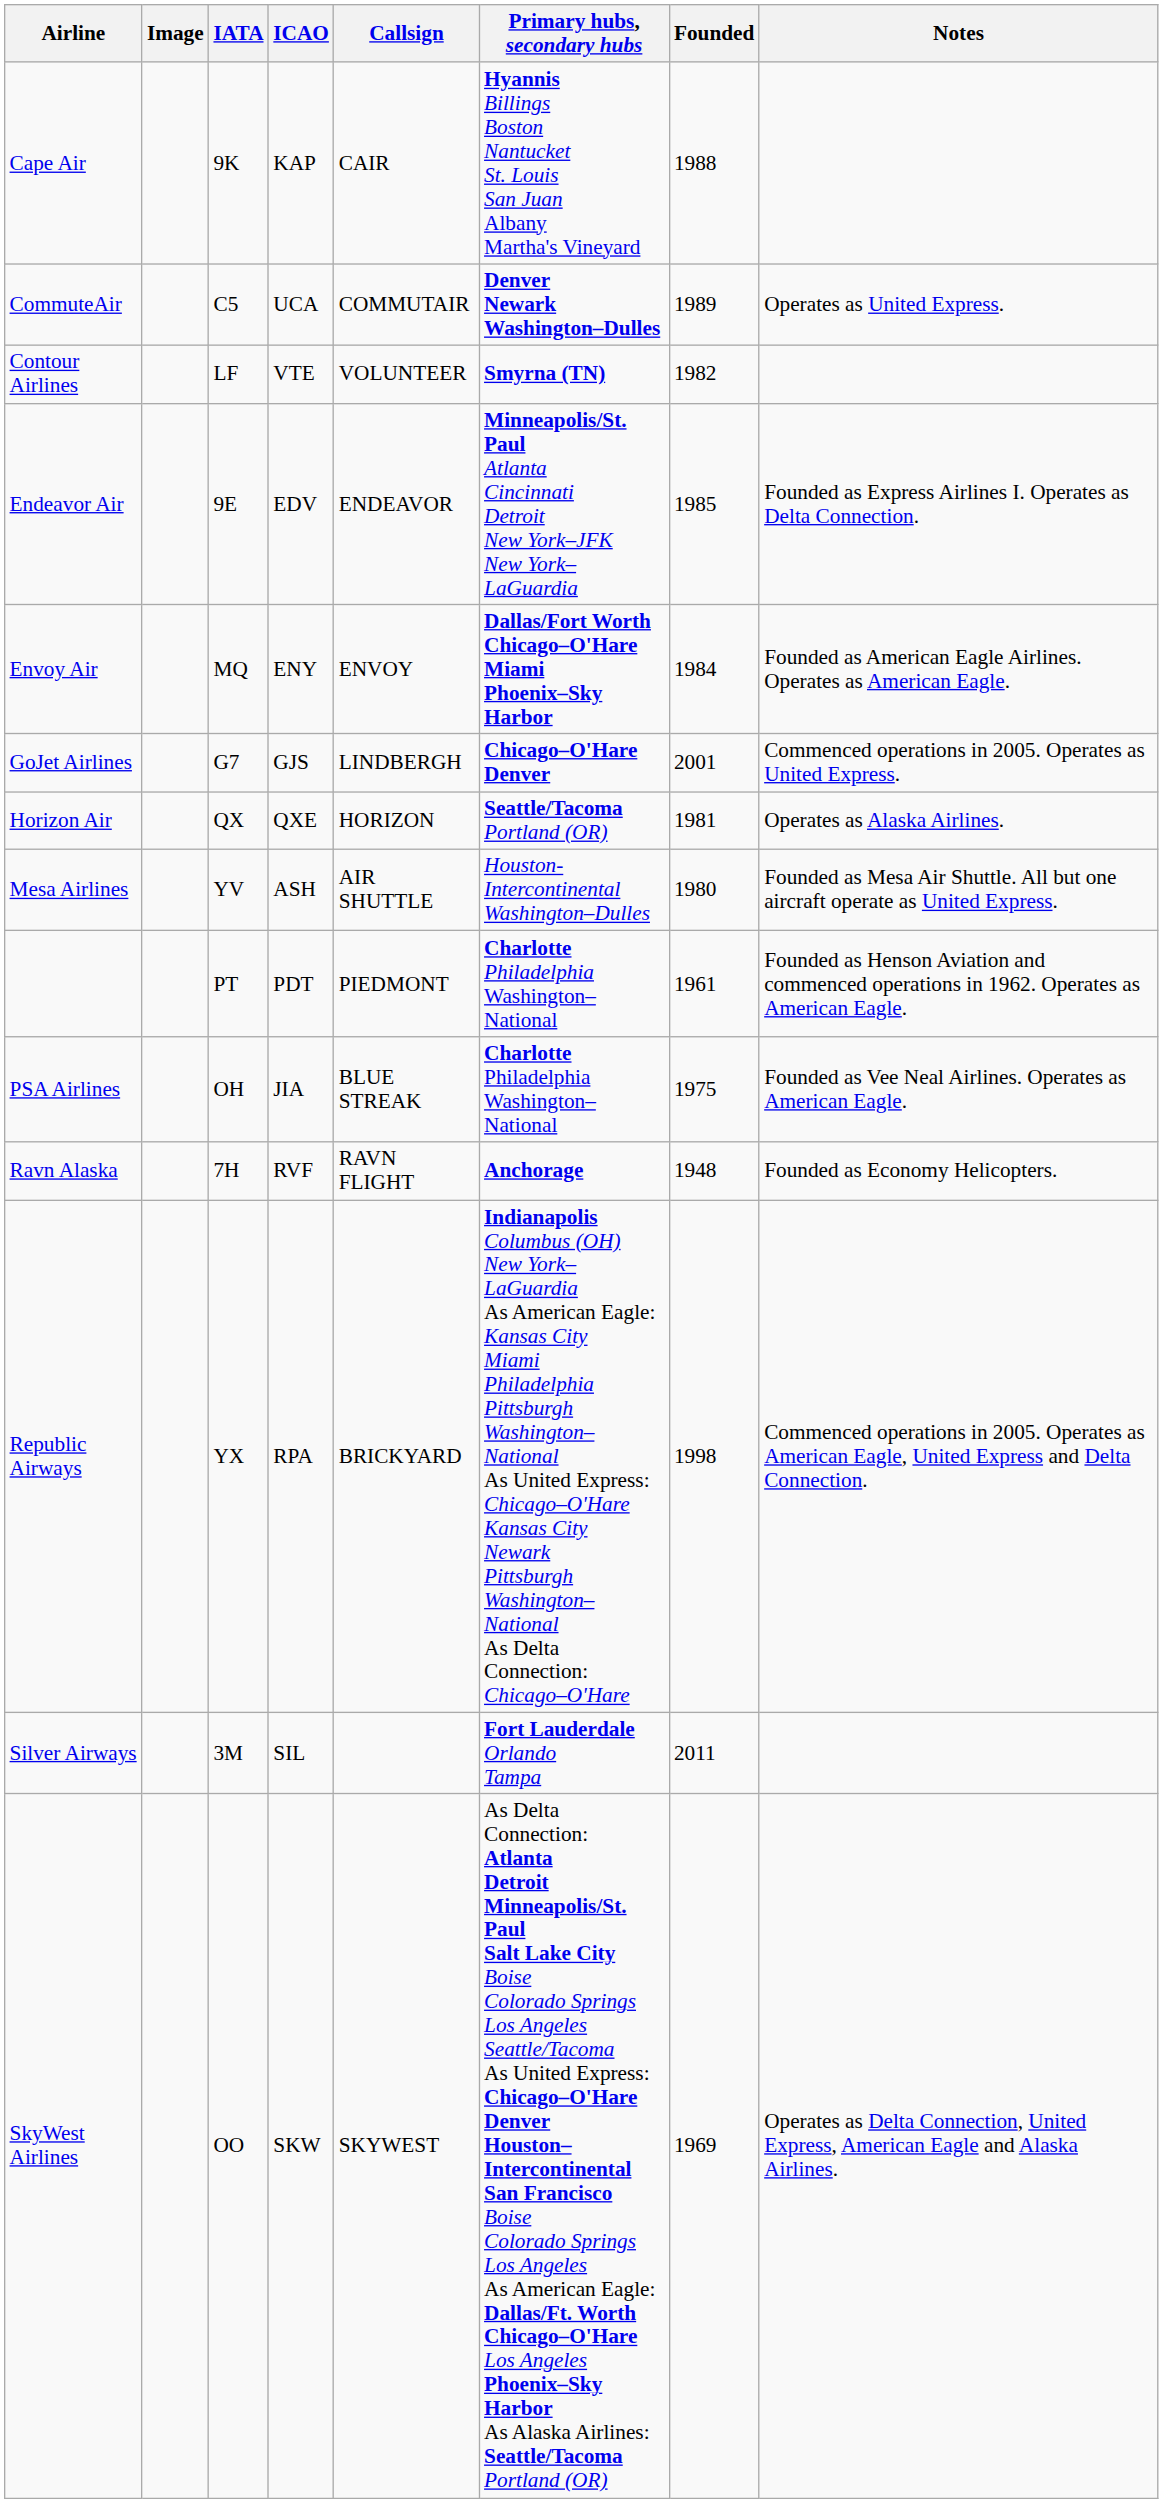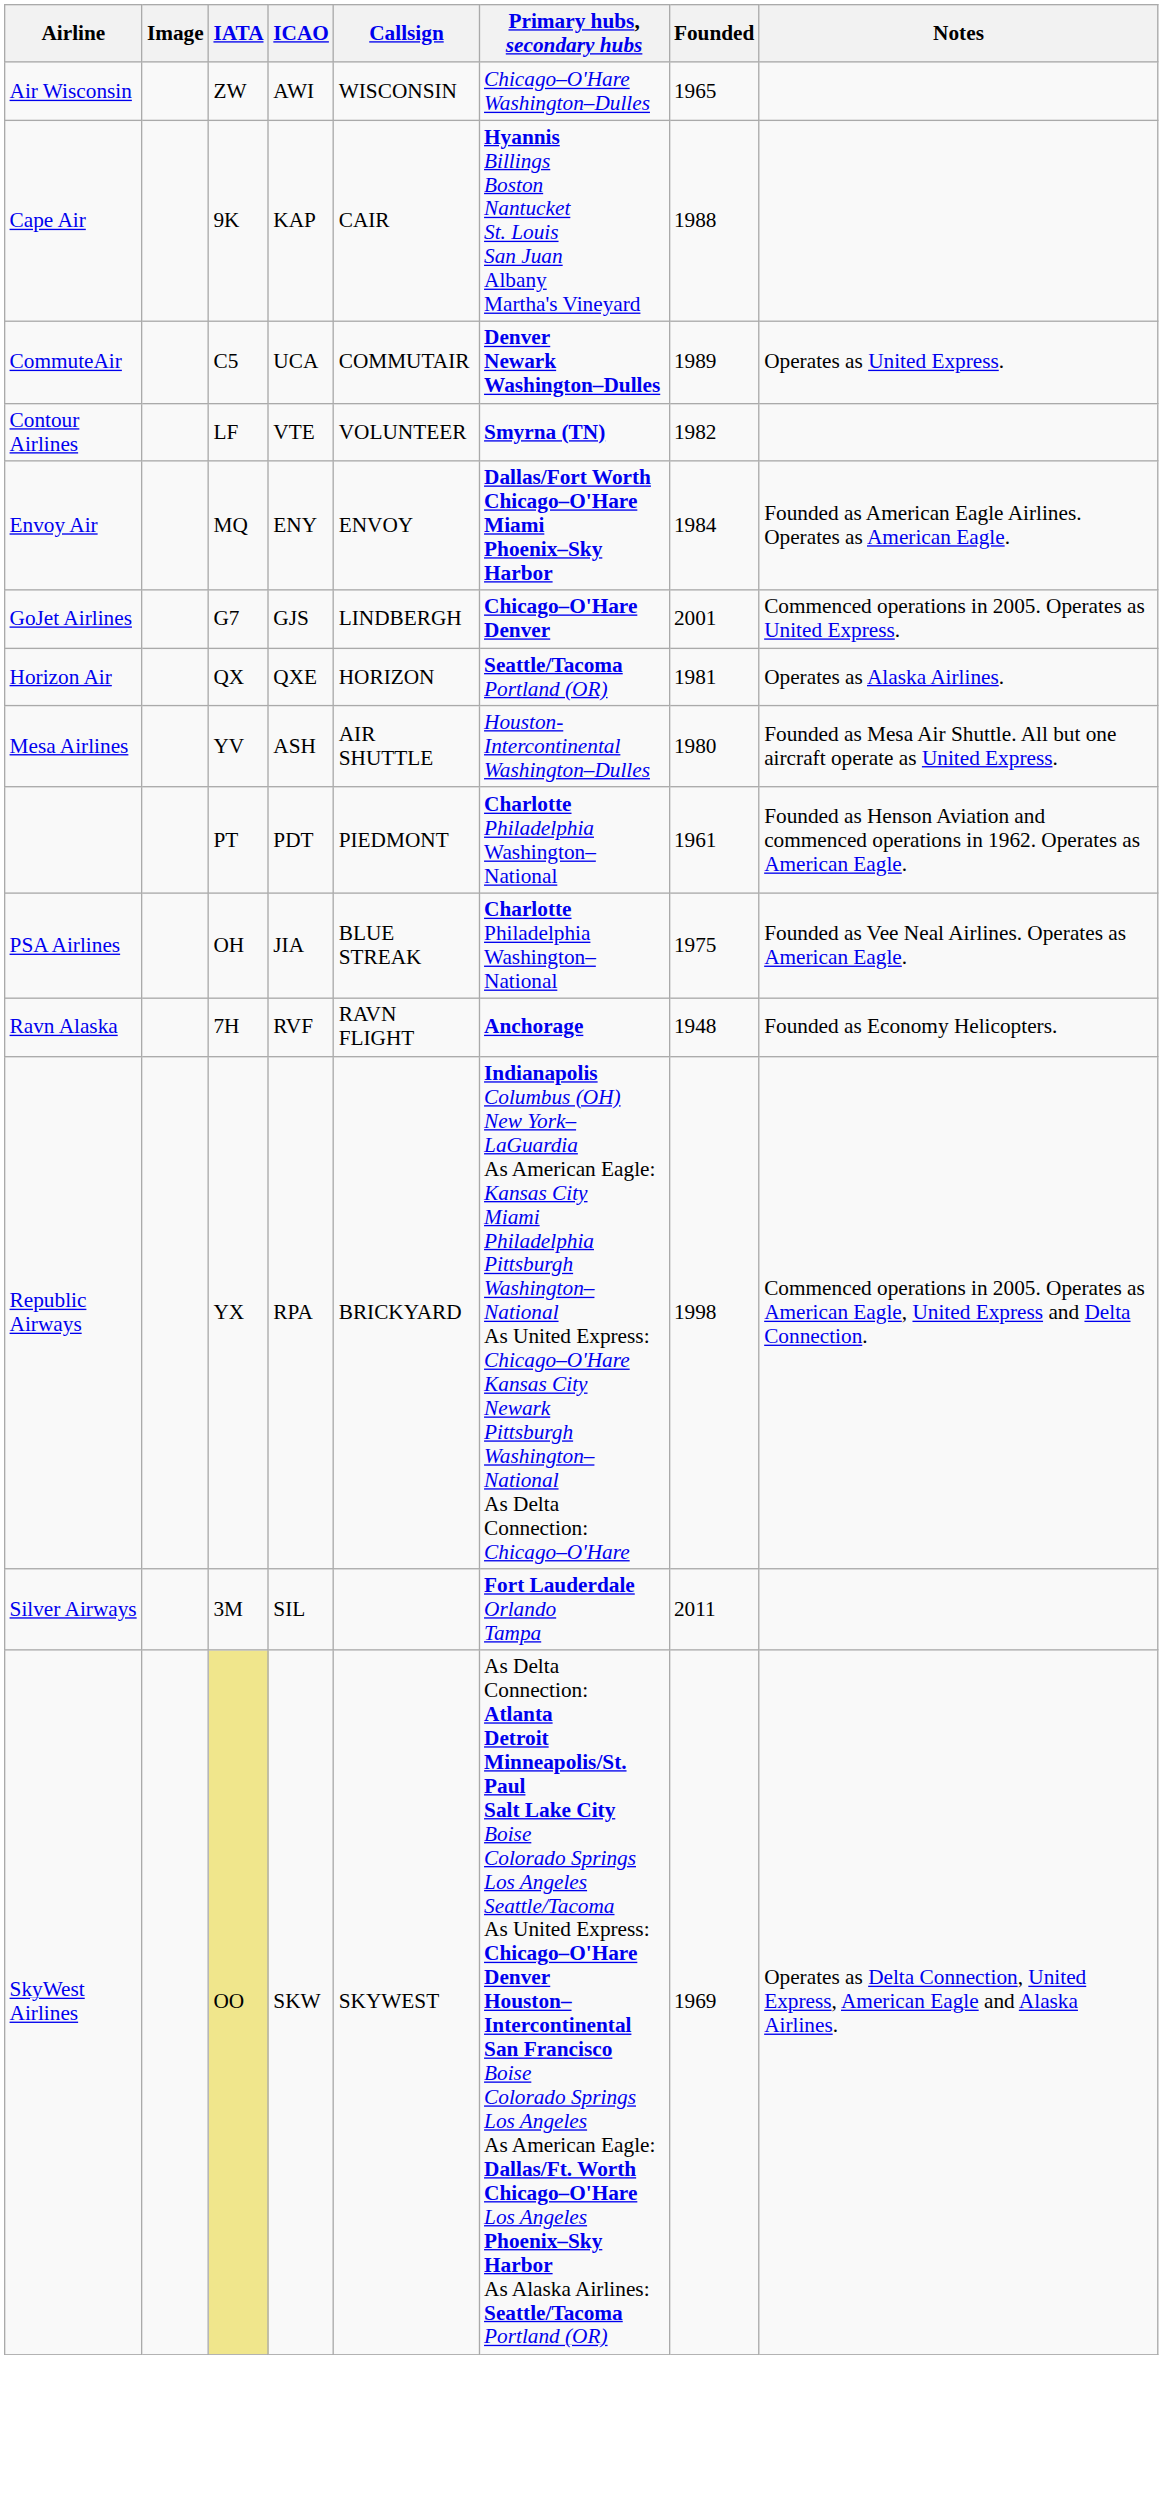 <table class="wikitable sortable" style="border: 0; cellpadding: 2; cellspacing: 3;">
 <tr style="vertical-align:middle;">
 <th>Airline</th>
 <th>Image</th>
 <th><a href='#'>IATA</a></th>
 <th><a href='#'>ICAO</a></th>
 <th><a href='#'>Callsign</a></th>
 <th><a href='#'>Primary hubs</a>, <br> <em><a href='#'>secondary hubs</a></em></th>
 <th>Founded</th>
 <th>Notes</th>
+</tr>
+<tr>
+<td><a href='#'>Air Wisconsin</a></td>
+<td></td>
+<td>ZW</td>
+<td>AWI</td>
+<td>WISCONSIN</td>
+<td><em><a href='#'>Chicago–O'Hare</a></em><br><em><a href='#'>Washington–Dulles</a></em></td>
+<td>1965</td>
+<td></td>
 </tr>
 <tr>
 <td><a href='#'>Cape Air</a></td>
 <td></td>
 <td>9K</td>
 <td>KAP</td>
 <td>CAIR</td>
 <td><strong><a href='#'>Hyannis</a></strong><br><em><a href='#'>Billings</a></em><br><em><a href='#'>Boston</a></em><br><em><a href='#'>Nantucket</a></em><br><em><a href='#'>St. Louis</a></em><br><em><a href='#'>San Juan</a></em> <br><a href='#'>Albany</a><br><a href='#'>Martha's Vineyard</a></td>
 <td>1988</td>
 <td></td>
 </tr>
 <tr>
 <td><a href='#'>CommuteAir</a></td>
 <td></td>
 <td>C5</td>
 <td>UCA</td>
 <td>COMMUTAIR</td>
 <td><a href='#'><strong>Denver</strong></a><br><a href='#'><strong>Newark</strong></a><br><a href='#'><strong>Washington–Dulles</strong></a></td>
 <td>1989</td>
 <td>Operates as <a href='#'>United Express</a>.</td>
 </tr>
 <tr>
 <td><a href='#'>Contour Airlines</a></td>
 <td></td>
 <td>LF</td>
 <td>VTE</td>
 <td>VOLUNTEER</td>
 <td><strong><a href='#'>Smyrna (TN)</a></strong></td>
 <td>1982</td>
 <td></td>
-</tr>
-<tr>
-<td><a href='#'>Endeavor Air</a></td>
-<td></td>
-<td>9E</td>
-<td>EDV</td>
-<td>ENDEAVOR</td>
-<td><strong><a href='#'>Minneapolis/St. Paul</a></strong><br><em><a href='#'>Atlanta</a></em> <br><em><a href='#'>Cincinnati</a></em><br><em><a href='#'>Detroit</a></em><br><em><a href='#'>New York–JFK</a></em><br><em><a href='#'>New York–LaGuardia</a></em></td>
-<td>1985</td>
-<td>Founded as Express Airlines I. Operates as <a href='#'>Delta Connection</a>.</td>
 </tr>
 <tr>
 <td><a href='#'>Envoy Air</a></td>
 <td></td>
 <td>MQ</td>
 <td>ENY</td>
 <td>ENVOY</td>
 <td><strong><a href='#'>Dallas/Fort Worth</a></strong><br><strong><a href='#'>Chicago–O'Hare</a></strong><br><strong><a href='#'>Miami</a> </strong><br><a href='#'><strong>Phoenix–Sky Harbor</strong></a></td>
 <td>1984</td>
 <td>Founded as American Eagle Airlines. Operates as <a href='#'>American Eagle</a>.</td>
 </tr>
 <tr>
 <td><a href='#'>GoJet Airlines</a></td>
 <td></td>
 <td>G7</td>
 <td>GJS</td>
 <td>LINDBERGH</td>
 <td><strong><a href='#'>Chicago–O'Hare</a></strong><br><strong><a href='#'>Denver</a></strong></td>
 <td>2001</td>
 <td>Commenced operations in 2005. Operates as <a href='#'>United Express</a>.</td>
 </tr>
 <tr>
 <td><a href='#'>Horizon Air</a></td>
 <td></td>
 <td>QX</td>
 <td>QXE</td>
 <td>HORIZON</td>
 <td><strong><a href='#'>Seattle/Tacoma</a></strong><br><em><a href='#'>Portland (OR)</a></em></td>
 <td>1981</td>
 <td>Operates as <a href='#'>Alaska Airlines</a>.</td>
 </tr>
 <tr>
 <td><a href='#'>Mesa Airlines</a></td>
 <td></td>
 <td>YV</td>
 <td>ASH</td>
 <td>AIR SHUTTLE</td>
 <td><em><a href='#'>Houston-Intercontinental</a></em><br><em><a href='#'>Washington–Dulles</a></em></td>
 <td>1980</td>
 <td>Founded as Mesa Air Shuttle. All but one aircraft operate as <a href='#'>United Express</a>.</td>
 </tr>
 <tr>
 <td></td>
 <td></td>
 <td>PT</td>
 <td>PDT</td>
 <td>PIEDMONT</td>
 <td><strong><a href='#'>Charlotte</a></strong><br><em><a href='#'>Philadelphia</a></em><br><a href='#'>Washington–National</a></td>
 <td>1961</td>
 <td>Founded as Henson Aviation and commenced operations in 1962. Operates as <a href='#'>American Eagle</a>.</td>
 </tr>
 <tr>
 <td><a href='#'>PSA Airlines</a></td>
 <td></td>
 <td>OH</td>
 <td>JIA</td>
 <td>BLUE STREAK</td>
 <td><strong><a href='#'>Charlotte</a></strong><br><a href='#'>Philadelphia</a><br><a href='#'>Washington–National</a></td>
 <td>1975</td>
 <td>Founded as Vee Neal Airlines. Operates as <a href='#'>American Eagle</a>.</td>
 </tr>
 <tr>
 <td><a href='#'>Ravn Alaska</a></td>
 <td></td>
 <td>7H</td>
 <td>RVF</td>
 <td>RAVN FLIGHT</td>
 <td><strong><a href='#'>Anchorage</a></strong></td>
 <td>1948</td>
 <td>Founded as Economy Helicopters.</td>
 </tr>
 <tr>
 <td><a href='#'>Republic Airways</a></td>
 <td></td>
 <td>YX</td>
 <td>RPA</td>
 <td>BRICKYARD</td>
 <td><strong><a href='#'>Indianapolis</a></strong><br><em><a href='#'>Columbus (OH)</a></em><br><em><a href='#'>New York–LaGuardia</a></em><br>As American Eagle:<br><em><a href='#'>Kansas City</a></em><br><em><a href='#'>Miami</a></em><br><em><a href='#'>Philadelphia</a></em><br><em><a href='#'>Pittsburgh</a></em><br><em><a href='#'>Washington–National</a></em><br>As United Express:<br><em><a href='#'>Chicago–O'Hare</a></em><br><em><a href='#'>Kansas City</a></em><br><em><a href='#'>Newark</a></em><br><em><a href='#'>Pittsburgh</a></em><br><em><a href='#'>Washington–National</a></em><br>As Delta Connection:<br><em><a href='#'>Chicago–O'Hare</a></em></td>
 <td>1998</td>
 <td>Commenced operations in 2005. Operates as <a href='#'>American Eagle</a>, <a href='#'>United Express</a> and <a href='#'>Delta Connection</a>.</td>
 </tr>
 <tr>
 <td><a href='#'>Silver Airways</a></td>
 <td></td>
 <td>3M</td>
 <td>SIL</td>
 <td></td>
 <td><strong><a href='#'>Fort Lauderdale</a></strong><br><em><a href='#'>Orlando</a></em><br><em><a href='#'>Tampa</a></em></td>
 <td>2011</td>
 <td></td>
 </tr>
 <tr>
 <td><a href='#'>SkyWest Airlines</a></td>
 <td></td>
-<td>OO</td>
+<td style="background: khaki;">OO</td>
 <td>SKW</td>
 <td>SKYWEST</td>
 <td>As Delta Connection:<br><strong><a href='#'>Atlanta</a></strong><br><strong><a href='#'>Detroit</a></strong><br><strong><a href='#'>Minneapolis/St. Paul</a></strong><br><strong><a href='#'>Salt Lake City</a></strong><br><em><a href='#'>Boise</a></em><br><em><a href='#'>Colorado Springs</a></em><br><em><a href='#'>Los Angeles</a></em><br><em><a href='#'>Seattle/Tacoma</a></em><br>As United Express:<br><strong><a href='#'>Chicago–O'Hare</a></strong><br><a href='#'><strong>Denver</strong></a><br><strong><a href='#'>Houston–Intercontinental</a></strong><br><a href='#'><strong>San Francisco</strong></a><br><em><a href='#'>Boise</a></em><br><em><a href='#'>Colorado Springs</a></em><br><em><a href='#'>Los Angeles</a></em><br>As American Eagle:<br><strong><a href='#'>Dallas/Ft. Worth</a></strong><br><a href='#'><strong>Chicago–O'Hare</strong></a><br><em><a href='#'>Los Angeles</a></em><br><a href='#'><strong>Phoenix–Sky Harbor</strong></a><br>As Alaska Airlines:<br><strong><a href='#'>Seattle/Tacoma</a></strong><br><em><a href='#'>Portland (OR)</a></em></td>
 <td>1969</td>
 <td>Operates as <a href='#'>Delta Connection</a>, <a href='#'>United Express</a>, <a href='#'>American Eagle</a> and <a href='#'>Alaska Airlines</a>.</td>
 </tr>
 </table>
